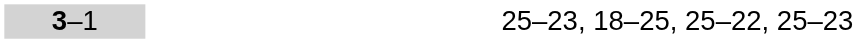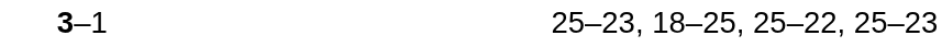 <table>
 <tr>
 <th width=200></th>
 <th width=80></th>
 <th width=200></th>
 <th width=220></th>
 </tr>
 <tr>
 <td align=right><strong></strong></td>
-<td align=center style="background: lightgrey;"><strong>3</strong>–1</td>
+<td align=center><strong>3</strong>–1</td>
 <td></td>
 <td>25–23, 18–25, 25–22, 25–23</td>
 </tr>
 </table>
